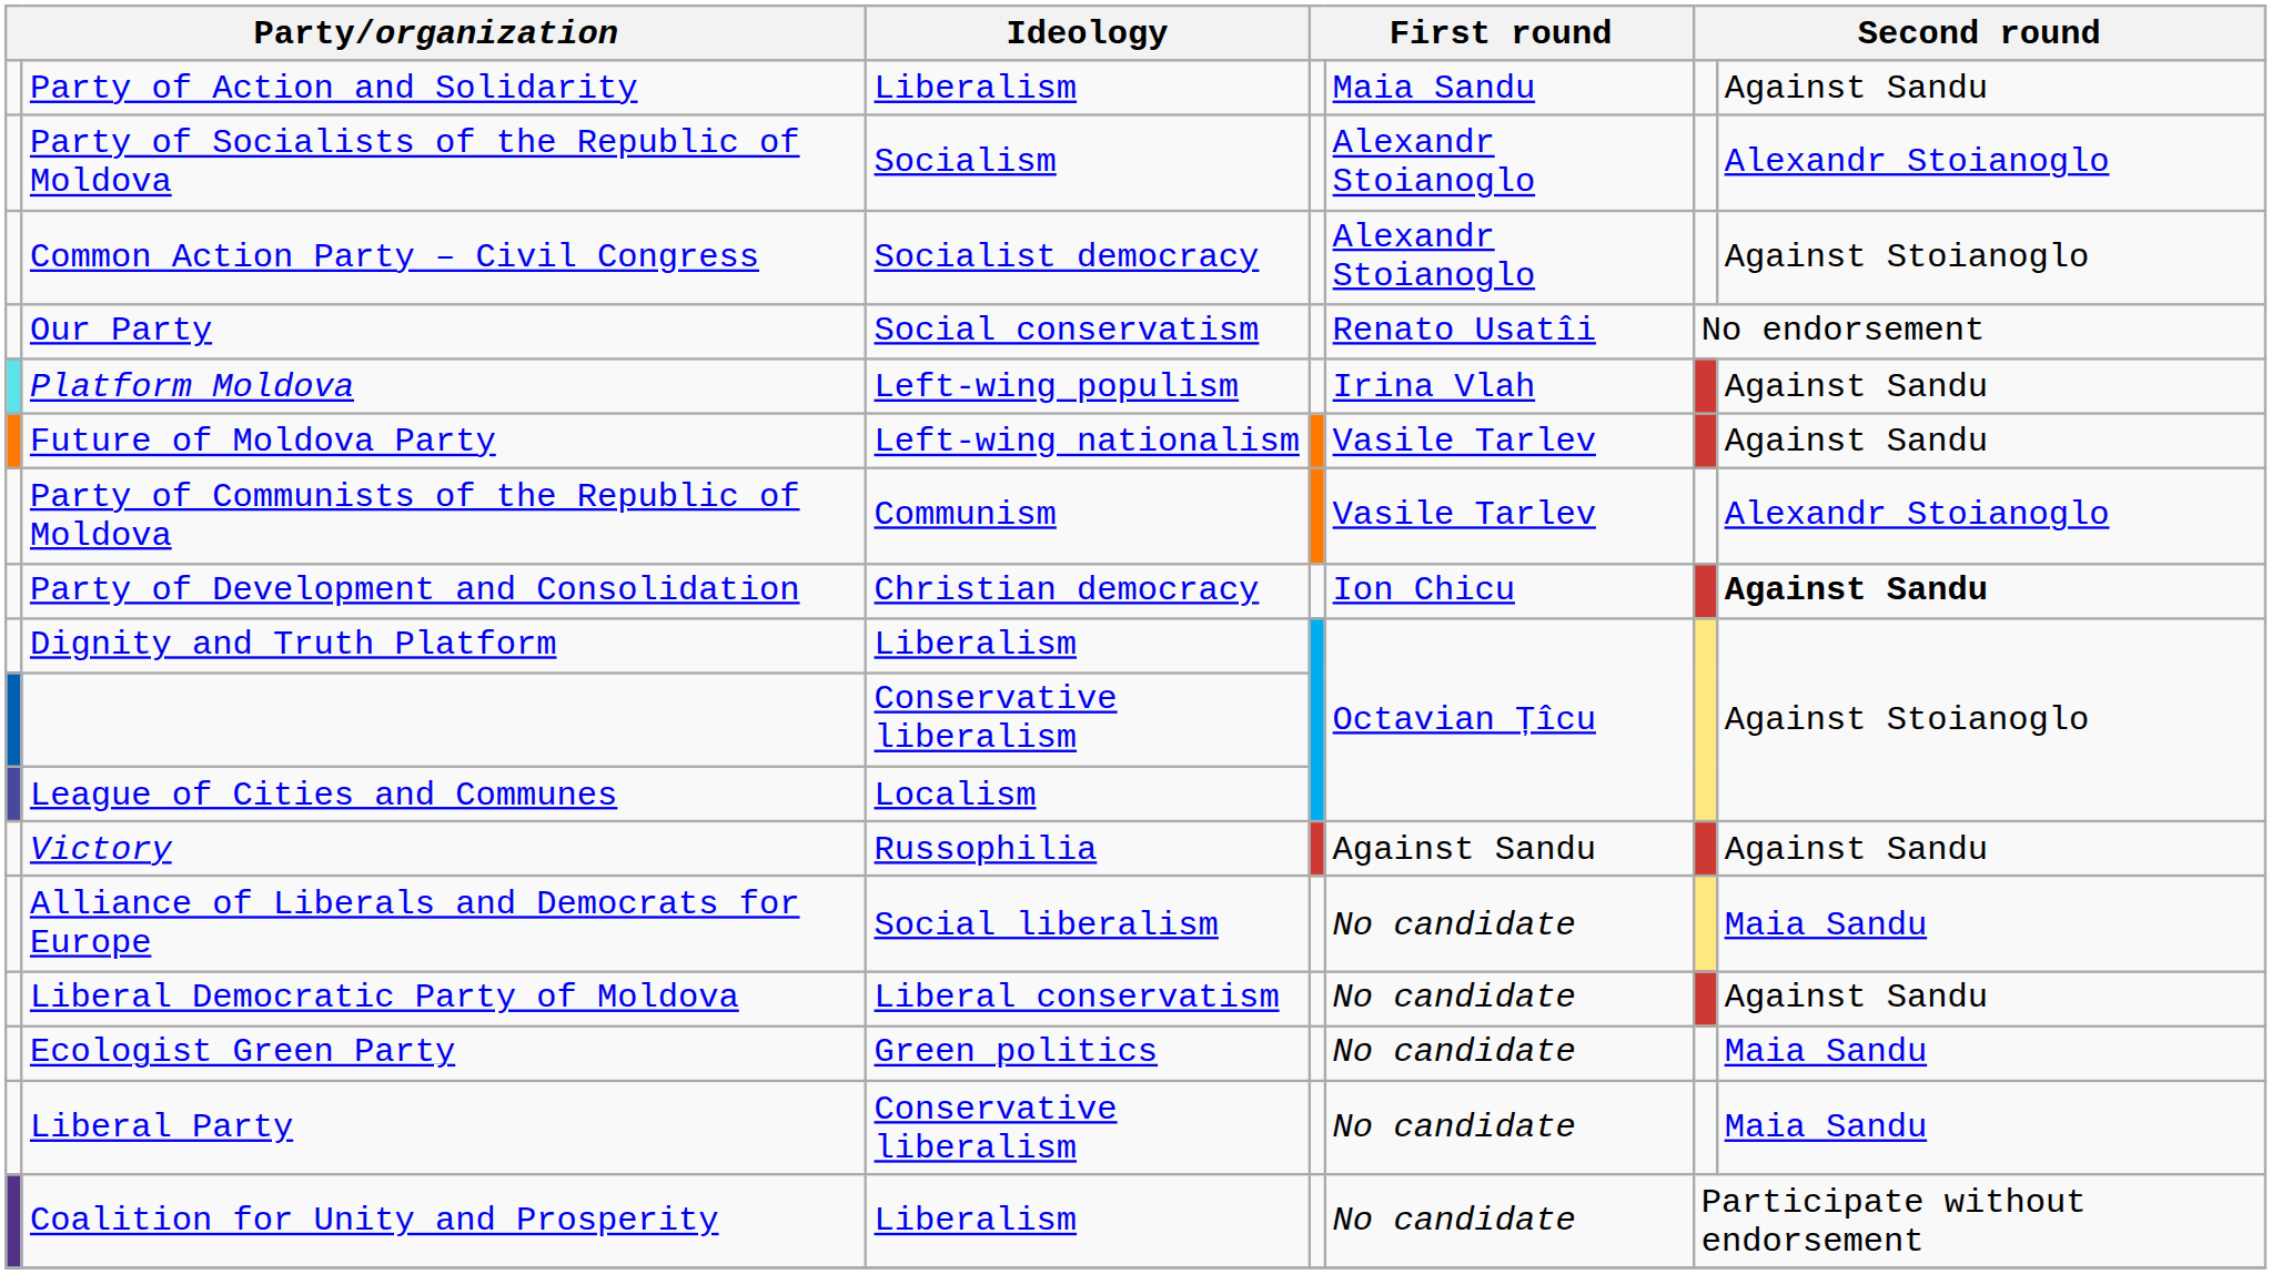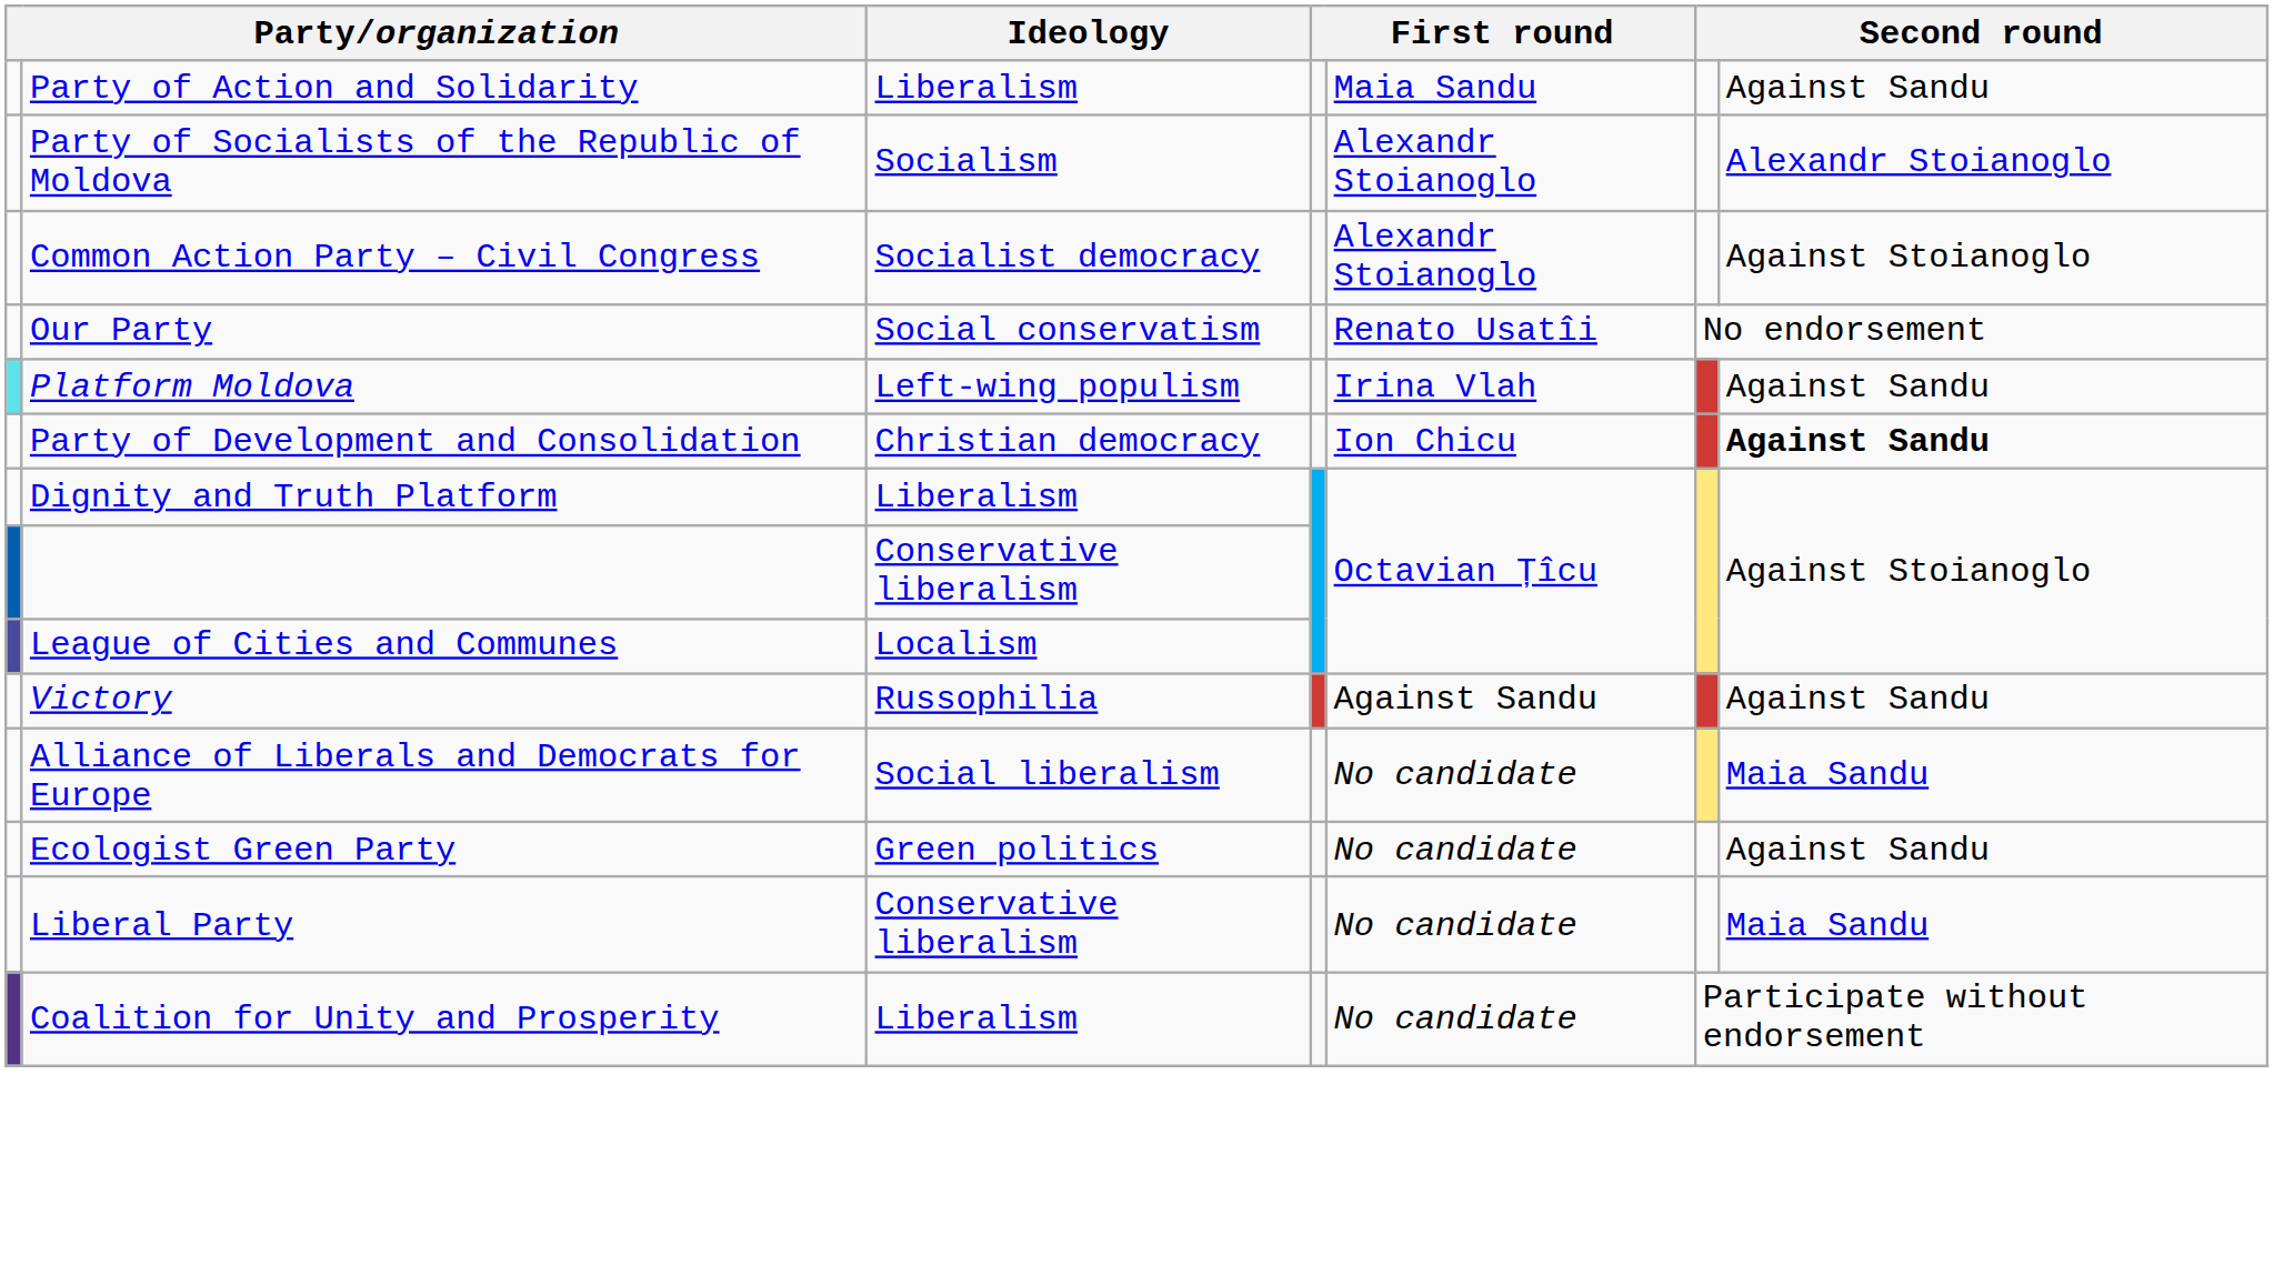 <table class="wikitable">
 <tr>
 <th colspan="2">Party/<em>organization</em></th>
 <th>Ideology</th>
 <th colspan="2">First round</th>
 <th colspan="2">Second round</th>
 </tr>
 <tr>
 <td style="background-color: "></td>
 <td><a href='#'>Party of Action and Solidarity</a></td>
 <td><a href='#'>Liberalism</a></td>
 <td style="background-color: "></td>
 <td><a href='#'>Maia Sandu</a></td>
 <td style="background-color: "></td>
 <td>Against Sandu</td>
 </tr>
 <tr>
 <td style="background-color: "></td>
 <td><a href='#'>Party of Socialists of the Republic of Moldova</a></td>
 <td><a href='#'>Socialism</a></td>
 <td style="background-color: "></td>
 <td><a href='#'>Alexandr Stoianoglo</a></td>
 <td style="background-color: "></td>
 <td><a href='#'>Alexandr Stoianoglo</a></td>
 </tr>
 <tr>
 <td style="background-color: "></td>
 <td><a href='#'>Common Action Party – Civil Congress</a></td>
 <td><a href='#'>Socialist democracy</a></td>
 <td style="background-color: "></td>
 <td><a href='#'>Alexandr Stoianoglo</a></td>
 <td style="background-color: "></td>
 <td>Against Stoianoglo</td>
 </tr>
 <tr>
 <td style="background-color: "></td>
 <td><a href='#'>Our Party</a></td>
 <td><a href='#'>Social conservatism</a></td>
 <td style="background-color: "></td>
 <td><a href='#'>Renato Usatîi</a></td>
 <td colspan="2">No endorsement</td>
 </tr>
 <tr>
 <td style="background-color: #5CE3E9;"></td>
 <td><em><a href='#'>Platform Moldova</a></em></td>
 <td><a href='#'>Left-wing populism</a></td>
 <td style="background-color: "></td>
 <td><a href='#'>Irina Vlah</a></td>
 <td style="background-color: #ce3a33;"></td>
 <td>Against Sandu</td>
 </tr>
 <tr>
-<td style="background-color: #FF7A03;"></td>
-<td><a href='#'>Future of Moldova Party</a></td>
-<td><a href='#'>Left-wing nationalism</a></td>
-<td style="background-color: #FF7A03;"></td>
-<td><a href='#'>Vasile Tarlev</a></td>
-<td style="background-color: #ce3a33;"></td>
-<td>Against Sandu</td>
-</tr>
-<tr>
-<td style="background-color: "></td>
-<td><a href='#'>Party of Communists of the Republic of Moldova</a></td>
-<td><a href='#'>Communism</a></td>
-<td style="background-color: #FF7A03;"></td>
-<td><a href='#'>Vasile Tarlev</a></td>
-<td style="background-color: "></td>
-<td><a href='#'>Alexandr Stoianoglo</a></td>
-</tr>
-<tr>
 <td style="background-color: "></td>
 <td><a href='#'>Party of Development and Consolidation</a></td>
 <td><a href='#'>Christian democracy</a></td>
 <td style="background-color: "></td>
 <td><a href='#'>Ion Chicu</a></td>
 <td style="background-color: #ce3a33;"></td>
 <td><strong>Against Sandu</strong></td>
 </tr>
 <tr>
 <td style="background-color: "></td>
 <td><a href='#'>Dignity and Truth Platform</a></td>
 <td><a href='#'>Liberalism</a></td>
 <td rowspan="3" style="background-color: #00ADF1;"></td>
 <td rowspan="3"><a href='#'>Octavian Țîcu</a></td>
 <td rowspan="3" style="background-color: #FFE97F;"></td>
 <td rowspan="3">Against Stoianoglo</td>
 </tr>
 <tr>
 <td style="background-color: #0060AF;"></td>
 <td></td>
 <td><a href='#'>Conservative liberalism</a></td>
 </tr>
 <tr>
 <td style="background-color: #48499B;"></td>
 <td><a href='#'>League of Cities and Communes</a></td>
 <td><a href='#'>Localism</a></td>
 </tr>
 <tr>
 <td style="background-color: "></td>
 <td><em><a href='#'>Victory</a></em></td>
 <td><a href='#'>Russophilia</a></td>
 <td style="background-color: #ce3a33;"></td>
 <td>Against Sandu</td>
 <td style="background-color: #ce3a33;"></td>
 <td>Against Sandu</td>
 </tr>
 <tr>
 <td style="background-color: "></td>
 <td><a href='#'>Alliance of Liberals and Democrats for Europe</a></td>
 <td><a href='#'>Social liberalism</a></td>
 <td style="background-color: "></td>
 <td><em>No candidate</em></td>
 <td style="background-color: #FFE97F;"></td>
 <td><a href='#'>Maia Sandu</a></td>
 </tr>
 <tr>
 <td style="background-color: "></td>
-<td><a href='#'>Liberal Democratic Party of Moldova</a></td>
-<td><a href='#'>Liberal conservatism</a></td>
-<td style="background-color: "></td>
-<td><em>No candidate</em></td>
-<td style="background-color: #ce3a33;"></td>
-<td>Against Sandu</td>
-</tr>
-<tr>
-<td style="background-color: "></td>
 <td><a href='#'>Ecologist Green Party</a></td>
 <td><a href='#'>Green politics</a></td>
 <td style="background-color: "></td>
 <td><em>No candidate</em></td>
 <td style="background-color: "></td>
-<td><a href='#'>Maia Sandu</a></td>
+<td>Against Sandu</td>
 </tr>
 <tr>
 <td style="background-color: "></td>
 <td><a href='#'>Liberal Party</a></td>
 <td><a href='#'>Conservative liberalism</a></td>
 <td style="background-color: "></td>
 <td><em>No candidate</em></td>
 <td style="background-color: "></td>
 <td><a href='#'>Maia Sandu</a></td>
 </tr>
 <tr>
 <td style="background-color: #513286"></td>
 <td><a href='#'>Coalition for Unity and Prosperity</a></td>
 <td><a href='#'>Liberalism</a></td>
 <td style="background-color: "></td>
 <td><em>No candidate</em></td>
 <td colspan="2">Participate without endorsement</td>
 </tr>
 <tr>
 </tr>
 </table>
